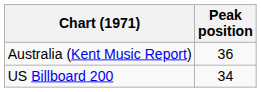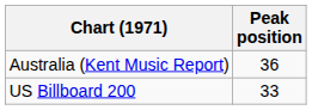 <table class="wikitable">
 <tr>
 <th scope="col">Chart (1971)</th>
 <th>Peak<br>position</th>
 </tr>
 <tr>
 <td>Australia (<a href='#'>Kent Music Report</a>)</td>
 <td style="text-align:center;">36</td>
 </tr>
 <tr>
 <td>US <a href='#'>Billboard 200</a></td>
-<td style="text-align:center;">34</td>
+<td style="text-align:center;">33</td>
 </tr>
 </table>
